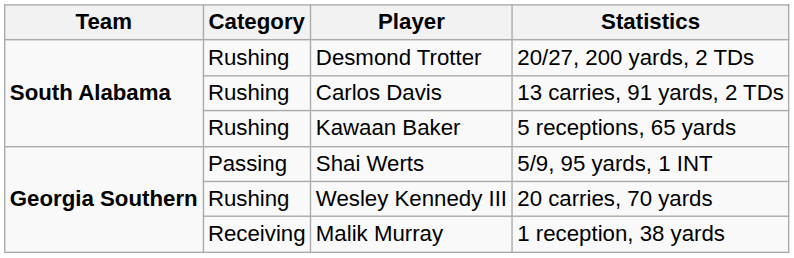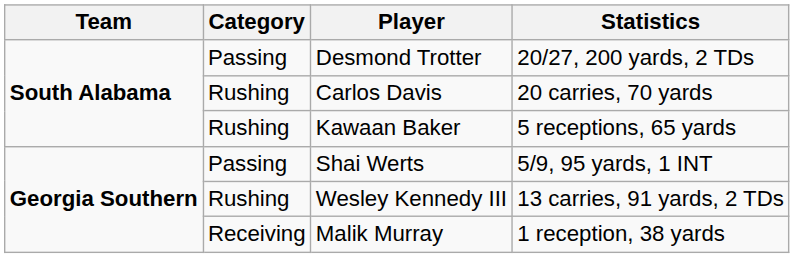 <table class="wikitable" style="float: left;">
 <tr>
 <th>Team</th>
 <th>Category</th>
 <th>Player</th>
 <th>Statistics</th>
 </tr>
 <tr>
 <td rowspan=3><strong>South Alabama</strong></td>
-<td>Rushing</td>
+<td>Passing</td>
 <td>Desmond Trotter</td>
 <td>20/27, 200 yards, 2 TDs</td>
 </tr>
 <tr>
 <td>Rushing</td>
 <td>Carlos Davis</td>
-<td>13 carries, 91 yards, 2 TDs</td>
+<td>20 carries, 70 yards</td>
 </tr>
 <tr>
 <td>Rushing</td>
 <td>Kawaan Baker</td>
 <td>5 receptions, 65 yards</td>
 </tr>
 <tr>
 <td rowspan=3><strong>Georgia Southern</strong></td>
 <td>Passing</td>
 <td>Shai Werts</td>
 <td>5/9, 95 yards, 1 INT</td>
 </tr>
 <tr>
 <td>Rushing</td>
 <td>Wesley Kennedy III</td>
-<td>20 carries, 70 yards</td>
+<td>13 carries, 91 yards, 2 TDs</td>
 </tr>
 <tr>
 <td>Receiving</td>
 <td>Malik Murray</td>
 <td>1 reception, 38 yards</td>
 </tr>
 </table>
